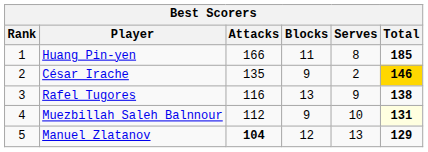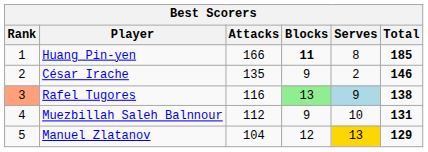 <table class="wikitable sortable" style="font-size:90%; text-align:center">
 <tr>
 <th colspan=6>Best Scorers</th>
 </tr>
 <tr>
 <th class="unsortable">Rank</th>
 <th class="unsortable">Player</th>
 <th>Attacks</th>
 <th>Blocks</th>
 <th>Serves</th>
 <th>Total</th>
 </tr>
 <tr>
 <td>1</td>
 <td align=left> <a href='#'>Huang Pin-yen</a></td>
 <td>166</td>
-<td>11</td>
+<td><strong>11</strong></td>
 <td>8</td>
 <td><strong>185</strong></td>
 </tr>
 <tr>
 <td>2</td>
 <td align=left> <a href='#'>César Irache</a></td>
 <td>135</td>
 <td>9</td>
 <td>2</td>
-<td style="background: gold;"><strong>146</strong></td>
+<td><strong>146</strong></td>
 </tr>
 <tr>
-<td>3</td>
+<td style="background: lightsalmon;">3</td>
 <td align=left> <a href='#'>Rafel Tugores</a></td>
 <td>116</td>
-<td>13</td>
-<td>9</td>
+<td style="background: lightgreen;">13</td>
+<td style="background: lightblue;">9</td>
 <td><strong>138</strong></td>
 </tr>
 <tr>
 <td>4</td>
 <td align=left> <a href='#'>Muezbillah Saleh Balnnour</a></td>
 <td>112</td>
 <td>9</td>
 <td>10</td>
-<td style="background: lightyellow;"><strong>131</strong></td>
+<td><strong>131</strong></td>
 </tr>
 <tr>
 <td>5</td>
 <td align=left> <a href='#'>Manuel Zlatanov</a></td>
-<td><strong>104</strong></td>
+<td>104</td>
 <td>12</td>
-<td>13</td>
+<td style="background: gold;">13</td>
 <td><strong>129</strong></td>
 </tr>
 </table>
